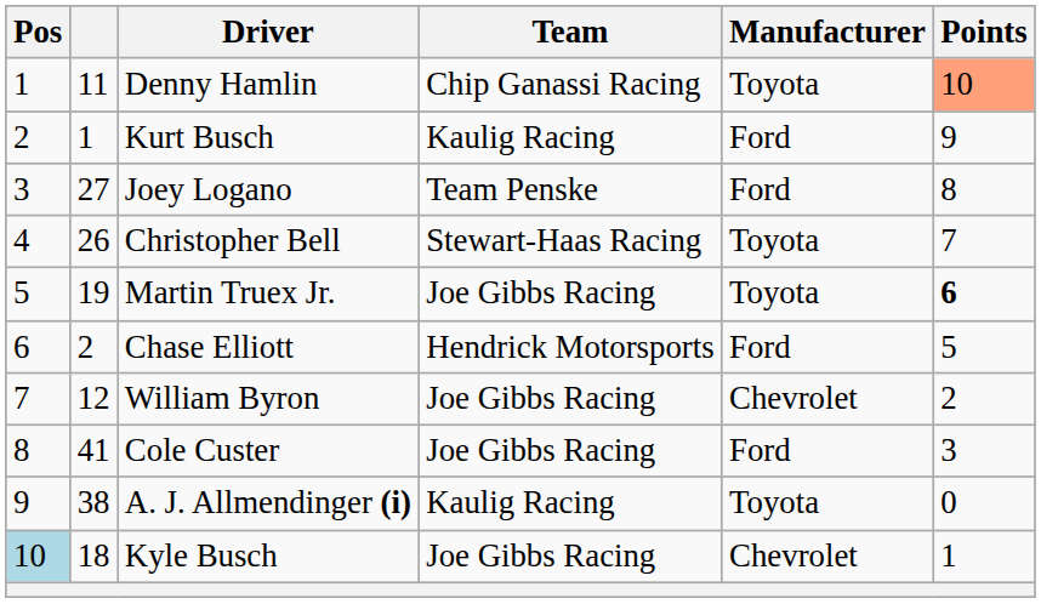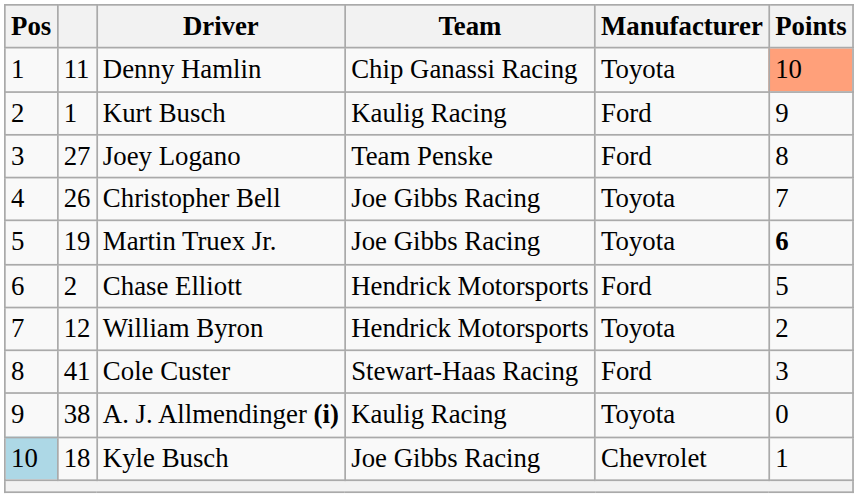 <table class="wikitable" style="font-size:98%">
 <tr>
 <th>Pos</th>
 <th></th>
 <th>Driver</th>
 <th>Team</th>
 <th>Manufacturer</th>
 <th>Points</th>
 </tr>
 <tr>
 <td>1</td>
 <td>11</td>
 <td>Denny Hamlin</td>
 <td>Chip Ganassi Racing</td>
 <td>Toyota</td>
 <td style="background: lightsalmon;">10</td>
 </tr>
 <tr>
 <td>2</td>
 <td>1</td>
 <td>Kurt Busch</td>
 <td>Kaulig Racing</td>
 <td>Ford</td>
 <td>9</td>
 </tr>
 <tr>
 <td>3</td>
 <td>27</td>
 <td>Joey Logano</td>
 <td>Team Penske</td>
 <td>Ford</td>
 <td>8</td>
 </tr>
 <tr>
 <td>4</td>
 <td>26</td>
 <td>Christopher Bell</td>
-<td>Stewart-Haas Racing</td>
+<td>Joe Gibbs Racing</td>
 <td>Toyota</td>
 <td>7</td>
 </tr>
 <tr>
 <td>5</td>
 <td>19</td>
 <td>Martin Truex Jr.</td>
 <td>Joe Gibbs Racing</td>
 <td>Toyota</td>
 <td><strong>6</strong></td>
 </tr>
 <tr>
 <td>6</td>
 <td>2</td>
 <td>Chase Elliott</td>
 <td>Hendrick Motorsports</td>
 <td>Ford</td>
 <td>5</td>
 </tr>
 <tr>
 <td>7</td>
 <td>12</td>
 <td>William Byron</td>
-<td>Joe Gibbs Racing</td>
-<td>Chevrolet</td>
+<td>Hendrick Motorsports</td>
+<td>Toyota</td>
 <td>2</td>
 </tr>
 <tr>
 <td>8</td>
 <td>41</td>
 <td>Cole Custer</td>
-<td>Joe Gibbs Racing</td>
+<td>Stewart-Haas Racing</td>
 <td>Ford</td>
 <td>3</td>
 </tr>
 <tr>
 <td>9</td>
 <td>38</td>
 <td>A. J. Allmendinger <strong>(i)</strong></td>
 <td>Kaulig Racing</td>
 <td>Toyota</td>
 <td>0</td>
 </tr>
 <tr>
 <td style="background: lightblue;">10</td>
 <td>18</td>
 <td>Kyle Busch</td>
 <td>Joe Gibbs Racing</td>
 <td>Chevrolet</td>
 <td>1</td>
 </tr>
 <tr>
 <th colspan="6"></th>
 </tr>
 </table>
